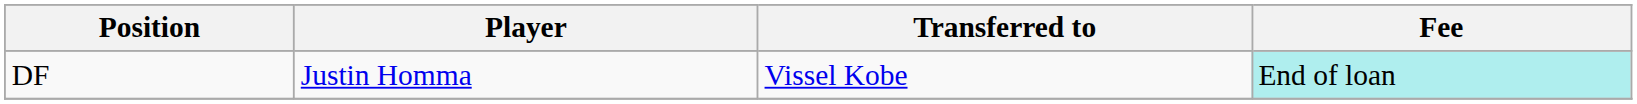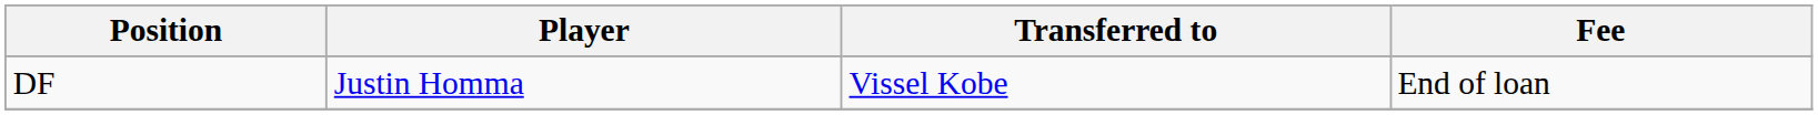 <table class="wikitable sortable" style="width:70%; text-align:center; font-size:100%; text-align:left;">
 <tr>
 <th>Position</th>
 <th>Player</th>
 <th>Transferred to</th>
 <th>Fee</th>
 </tr>
 <tr>
 <td>DF</td>
 <td> <a href='#'>Justin Homma</a></td>
 <td> <a href='#'>Vissel Kobe</a></td>
-<td style="background: paleturquoise;">End of loan </td>
+<td>End of loan </td>
 </tr>
 <tr>
 </tr>
 </table>
